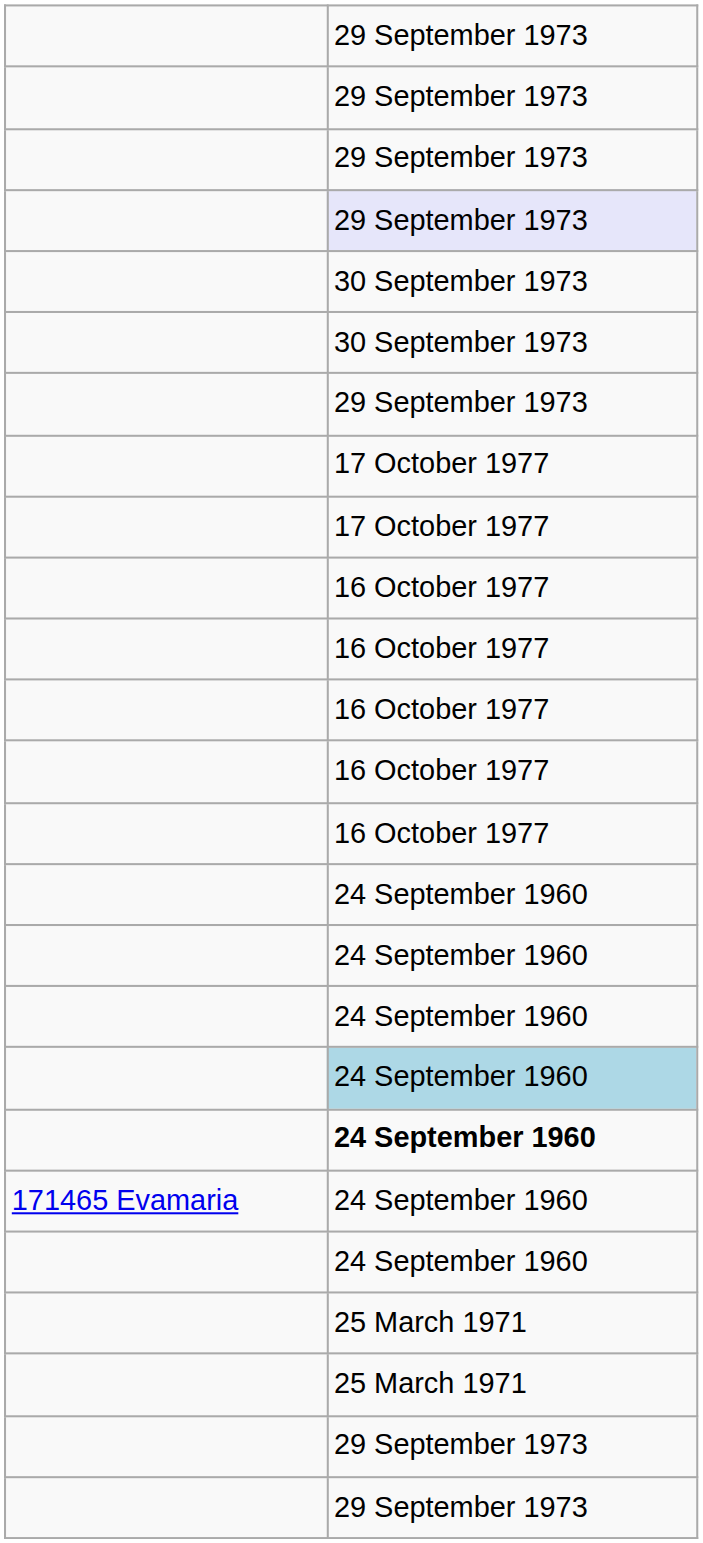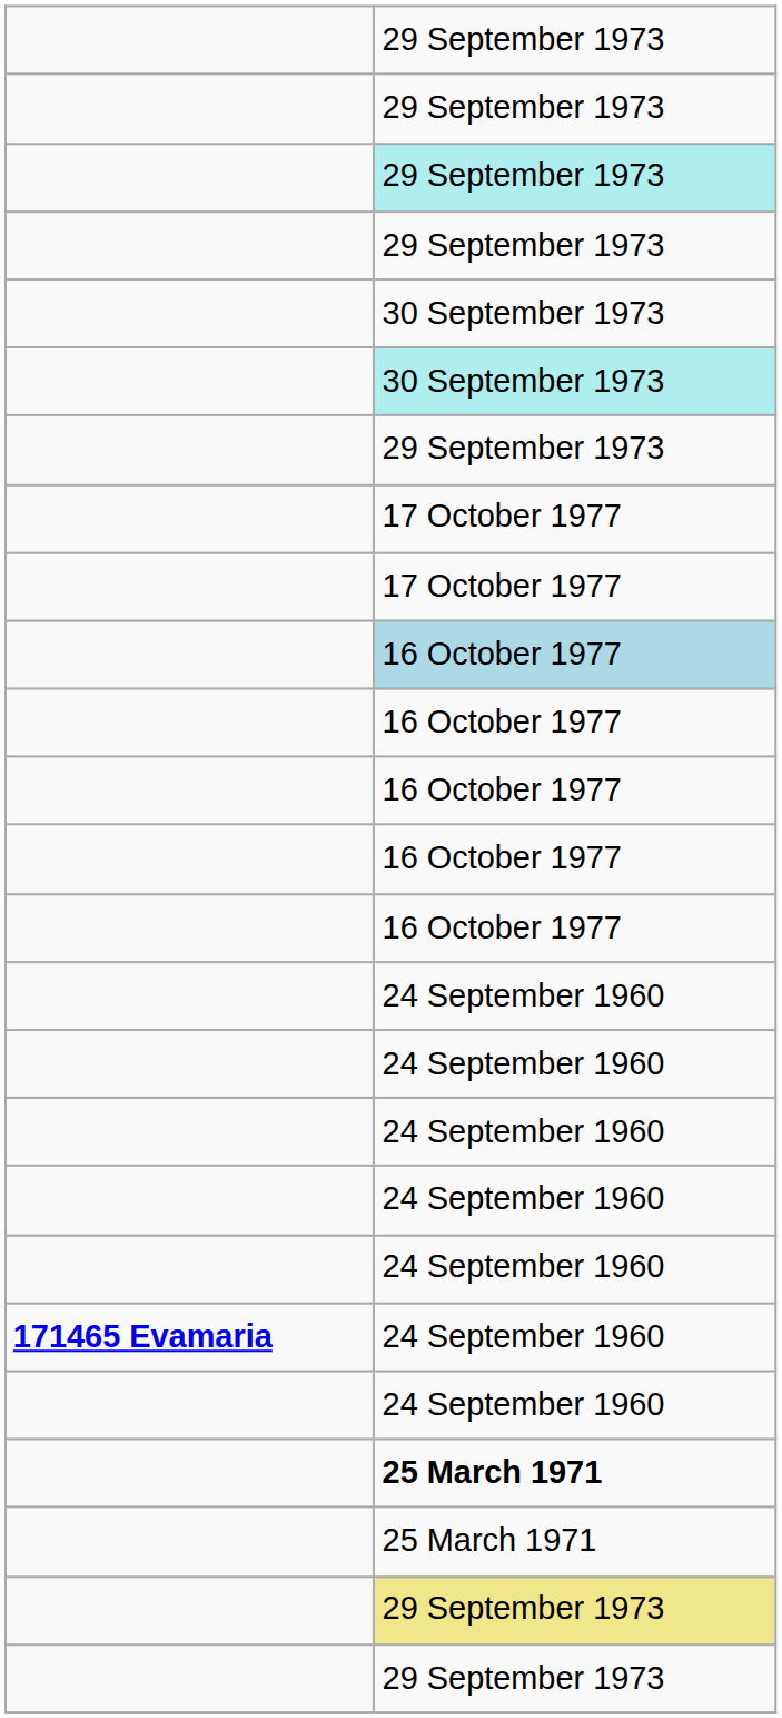 <table class="wikitable" style="font-size: 89%; float: left; width: 24em; margin-right: 1em; line-height: 1.65em">
 <tr>
 <td></td>
 <td>29 September 1973</td>
 </tr>
 <tr>
 <td></td>
 <td>29 September 1973</td>
 </tr>
 <tr>
 <td></td>
-<td>29 September 1973</td>
+<td style="background: paleturquoise;">29 September 1973</td>
 </tr>
 <tr>
 <td></td>
-<td style="background: lavender;">29 September 1973</td>
+<td>29 September 1973</td>
 </tr>
 <tr>
 <td></td>
 <td>30 September 1973</td>
 </tr>
 <tr>
 <td></td>
-<td>30 September 1973</td>
+<td style="background: paleturquoise;">30 September 1973</td>
 </tr>
 <tr>
 <td></td>
 <td>29 September 1973</td>
 </tr>
 <tr>
 <td></td>
 <td>17 October 1977</td>
 </tr>
 <tr>
 <td></td>
 <td>17 October 1977</td>
 </tr>
 <tr>
 <td></td>
-<td>16 October 1977</td>
+<td style="background: lightblue;">16 October 1977</td>
 </tr>
 <tr>
 <td></td>
 <td>16 October 1977</td>
 </tr>
 <tr>
 <td></td>
 <td>16 October 1977</td>
 </tr>
 <tr>
 <td></td>
 <td>16 October 1977</td>
 </tr>
 <tr>
 <td></td>
 <td>16 October 1977</td>
 </tr>
 <tr>
 <td></td>
 <td>24 September 1960</td>
 </tr>
 <tr>
 <td></td>
 <td>24 September 1960</td>
 </tr>
 <tr>
 <td></td>
 <td>24 September 1960</td>
 </tr>
 <tr>
 <td></td>
-<td style="background: lightblue;">24 September 1960</td>
+<td>24 September 1960</td>
 </tr>
 <tr>
 <td></td>
-<td><strong>24 September 1960</strong></td>
+<td>24 September 1960</td>
 </tr>
 <tr>
-<td><a href='#'>171465 Evamaria</a></td>
+<td><strong><a href='#'>171465 Evamaria</a></strong></td>
 <td>24 September 1960</td>
 </tr>
 <tr>
 <td></td>
 <td>24 September 1960</td>
 </tr>
 <tr>
 <td></td>
-<td>25 March 1971</td>
+<td><strong>25 March 1971</strong></td>
 </tr>
 <tr>
 <td></td>
 <td>25 March 1971</td>
 </tr>
 <tr>
 <td></td>
-<td>29 September 1973</td>
+<td style="background: khaki;">29 September 1973</td>
 </tr>
 <tr>
 <td></td>
 <td>29 September 1973</td>
 </tr>
 </table>
